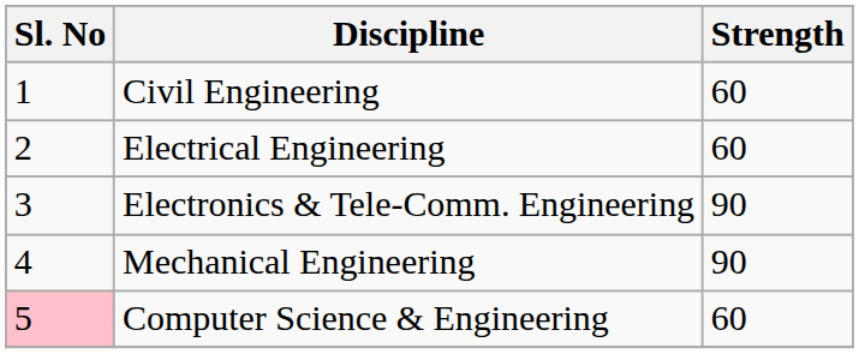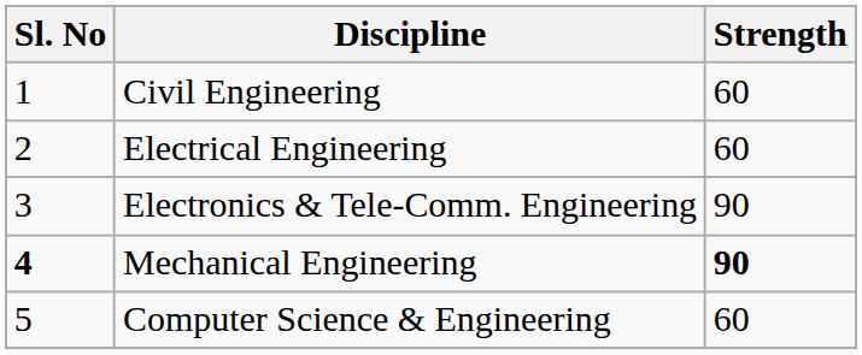 <table class="wikitable sortable">
 <tr>
 <th>Sl. No</th>
 <th>Discipline</th>
 <th>Strength</th>
 </tr>
 <tr>
 <td>1</td>
 <td>Civil Engineering</td>
 <td>60</td>
 </tr>
 <tr>
 <td>2</td>
 <td>Electrical Engineering</td>
 <td>60</td>
 </tr>
 <tr>
 <td>3</td>
 <td>Electronics & Tele-Comm. Engineering</td>
 <td>90</td>
 </tr>
 <tr>
-<td>4</td>
+<td><strong>4</strong></td>
 <td>Mechanical Engineering</td>
-<td>90</td>
+<td><strong>90</strong></td>
 </tr>
 <tr>
-<td style="background: pink;">5</td>
+<td>5</td>
 <td>Computer Science & Engineering</td>
 <td>60</td>
 </tr>
 <tr>
 </tr>
 </table>
